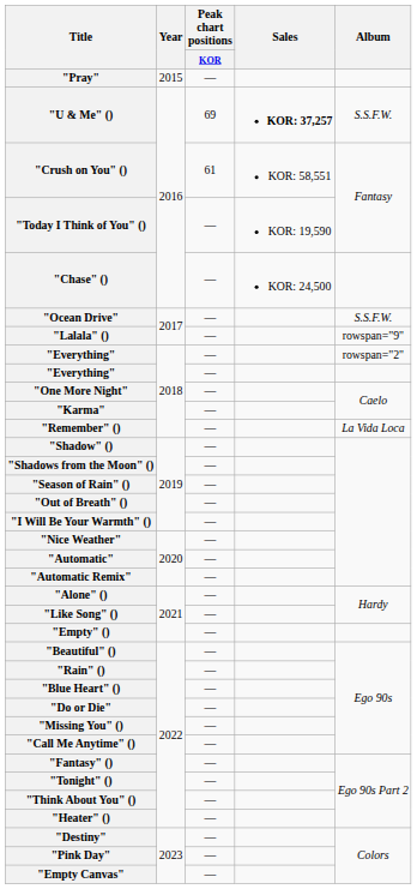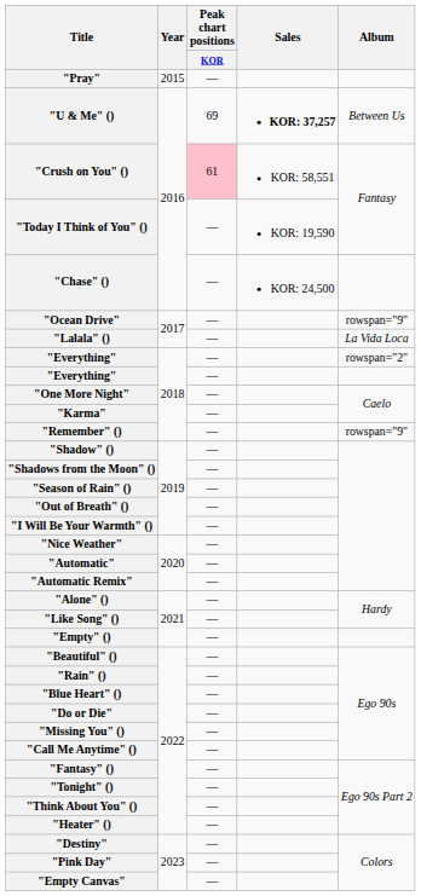 <table class="wikitable plainrowheaders" style="text-align:center;">
 <tr>
 <th scope="col" rowspan="2">Title</th>
 <th scope="col" rowspan="2">Year</th>
 <th scope="col" style="width:3em;">Peak chart positions</th>
 <th scope="col" rowspan="2">Sales</th>
 <th scope="col" rowspan="2">Album</th>
 </tr>
 <tr>
 <th><small><a href='#'>KOR</a></small><br></th>
 </tr>
 <tr>
 <th scope="row">"Pray"</th>
 <td>2015</td>
 <td>—</td>
 <td></td>
 <td></td>
 </tr>
 <tr>
 <th scope="row">"U & Me" ()<br></th>
 <td rowspan="4">2016</td>
 <td>69</td>
 <td><strong><br><ul><li>KOR: 37,257</li></ul></strong></td>
-<td><em>S.S.F.W.</em> </td>
+<td><em>Between Us</em> </td>
 </tr>
 <tr>
 <th scope="row">"Crush on You" ()<br></th>
-<td>61</td>
+<td style="background: pink;">61</td>
 <td><br><ul><li>KOR: 58,551</li></ul></td>
 <td rowspan="2"><em>Fantasy</em> </td>
 </tr>
 <tr>
 <th scope="row">"Today I Think of You" ()<br></th>
 <td>—</td>
 <td><br><ul><li>KOR: 19,590</li></ul></td>
 </tr>
 <tr>
 <th scope="row">"Chase" ()<br></th>
 <td>—</td>
 <td><br><ul><li>KOR: 24,500</li></ul></td>
 <td></td>
 </tr>
 <tr>
 <th scope="row">"Ocean Drive"<br></th>
 <td rowspan="2">2017</td>
 <td>—</td>
 <td></td>
-<td><em>S.S.F.W.</em> </td>
+<td>rowspan="9" </td>
 </tr>
 <tr>
 <th scope="row">"Lalala" ()<br></th>
 <td>—</td>
 <td></td>
-<td>rowspan="9" </td>
+<td><em>La Vida Loca</em> </td>
 </tr>
 <tr>
 <th scope="row">"Everything"<br></th>
 <td rowspan="5">2018</td>
 <td>—</td>
 <td></td>
 <td>rowspan="2" </td>
 </tr>
 <tr>
 <th scope="row">"Everything"<br></th>
 <td>—</td>
 <td></td>
 </tr>
 <tr>
 <th scope="row">"One More Night"<br></th>
 <td>—</td>
 <td></td>
 <td rowspan="2"><em>Caelo</em></td>
 </tr>
 <tr>
 <th scope="row">"Karma"<br></th>
 <td>—</td>
 <td></td>
 </tr>
 <tr>
 <th scope="row">"Remember" ()<br></th>
 <td>—</td>
 <td></td>
-<td><em>La Vida Loca</em> </td>
+<td>rowspan="9" </td>
 </tr>
 <tr>
 <th scope="row">"Shadow" ()</th>
 <td rowspan="5">2019</td>
 <td>—</td>
 <td></td>
 </tr>
 <tr>
 <th scope="row">"Shadows from the Moon" ()</th>
 <td>—</td>
 <td></td>
 </tr>
 <tr>
 <th scope="row">"Season of Rain" ()<br></th>
 <td>—</td>
 <td></td>
 </tr>
 <tr>
 <th scope="row">"Out of Breath" ()<br></th>
 <td>—</td>
 <td></td>
 </tr>
 <tr>
 <th scope="row">"I Will Be Your Warmth" ()<br></th>
 <td>—</td>
 <td></td>
 </tr>
 <tr>
 <th scope="row">"Nice Weather" <br></th>
 <td rowspan="3">2020</td>
 <td>—</td>
 <td></td>
 </tr>
 <tr>
 <th scope="row">"Automatic"<br></th>
 <td>—</td>
 <td></td>
 </tr>
 <tr>
 <th scope="row">"Automatic Remix"<br></th>
 <td>—</td>
 <td></td>
 </tr>
 <tr>
 <th scope="row">"Alone" ()<br></th>
 <td rowspan="3">2021</td>
 <td>—</td>
 <td></td>
 <td rowspan="2"><em>Hardy</em></td>
 </tr>
 <tr>
 <th scope="row">"Like Song" ()<br></th>
 <td>—</td>
 <td></td>
 </tr>
 <tr>
 <th scope="row">"Empty" ()<br></th>
 <td>—</td>
 <td></td>
 <td></td>
 </tr>
 <tr>
 <th scope="row">"Beautiful" ()<br></th>
 <td rowspan="10">2022</td>
 <td>—</td>
 <td></td>
 <td rowspan="6"><em>Ego 90s</em></td>
 </tr>
 <tr>
 <th scope="row">"Rain" ()<br></th>
 <td>—</td>
 <td></td>
 </tr>
 <tr>
 <th scope="row">"Blue Heart" ()<br></th>
 <td>—</td>
 <td></td>
 </tr>
 <tr>
 <th scope="row">"Do or Die"<br></th>
 <td>—</td>
 <td></td>
 </tr>
 <tr>
 <th scope="row">"Missing You" ()<br></th>
 <td>—</td>
 <td></td>
 </tr>
 <tr>
 <th scope="row">"Call Me Anytime" ()</th>
 <td>—</td>
 <td></td>
 </tr>
 <tr>
 <th scope="row">"Fantasy" ()<br></th>
 <td>—</td>
 <td></td>
 <td rowspan="4"><em>Ego 90s Part 2</em></td>
 </tr>
 <tr>
 <th scope="row">"Tonight" ()</th>
 <td>—</td>
 <td></td>
 </tr>
 <tr>
 <th scope="row">"Think About You" ()<br></th>
 <td>—</td>
 <td></td>
 </tr>
 <tr>
 <th scope="row">"Heater" ()<br></th>
 <td>—</td>
 <td></td>
 </tr>
 <tr>
 <th scope="row">"Destiny"<br></th>
 <td rowspan="3">2023</td>
 <td>—</td>
 <td></td>
 <td rowspan="3"><em>Colors</em></td>
 </tr>
 <tr>
 <th scope="row">"Pink Day"<br></th>
 <td>—</td>
 <td></td>
 </tr>
 <tr>
 <th scope="row">"Empty Canvas"<br></th>
 <td>—</td>
 <td></td>
 </tr>
 </table>
